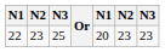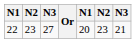 <table class="wikitable">
 <tr>
 <th>N1</th>
 <th>N2</th>
 <th>N3</th>
 <th rowspan="2">Or</th>
 <th>N1</th>
 <th>N2</th>
 <th>N3</th>
 </tr>
 <tr>
 <td>22</td>
 <td>23</td>
-<td>25</td>
+<td>27</td>
 <td>20</td>
 <td>23</td>
-<td>23</td>
+<td>21</td>
 </tr>
 </table>
